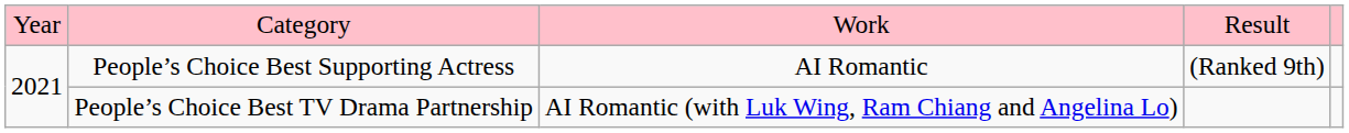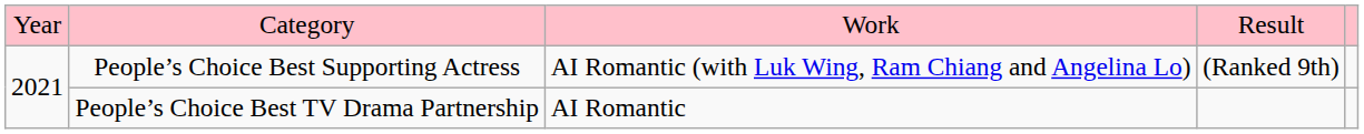 <table class="wikitable">
 <tr style="background:pink; color:black" align=center>
 <td>Year</td>
 <td>Category</td>
 <td>Work</td>
 <td>Result</td>
 <td class="unsortable"></td>
 </tr>
 <tr align="center">
 <td rowspan=2>2021</td>
 <td>People’s Choice Best Supporting Actress</td>
-<td>AI Romantic</td>
+<td>AI Romantic (with <a href='#'>Luk Wing</a>, <a href='#'>Ram Chiang</a> and <a href='#'>Angelina Lo</a>)</td>
 <td> (Ranked 9th)</td>
 <td></td>
 </tr>
 <tr>
 <td>People’s Choice Best TV Drama Partnership</td>
-<td>AI Romantic (with <a href='#'>Luk Wing</a>, <a href='#'>Ram Chiang</a> and <a href='#'>Angelina Lo</a>)</td>
+<td>AI Romantic</td>
 <td></td>
 <td></td>
 </tr>
 </table>
